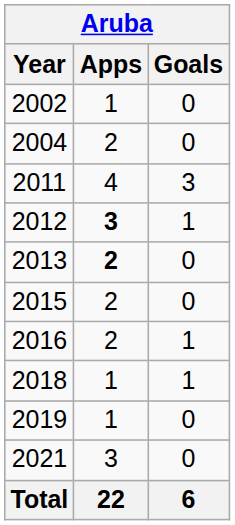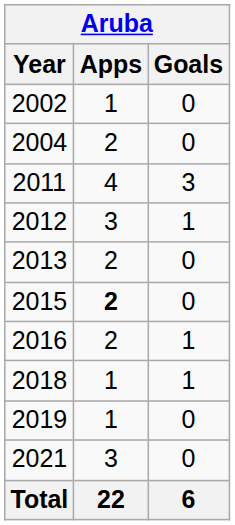 <table class="wikitable" style="text-align:center">
 <tr>
 <th colspan=3><a href='#'>Aruba</a></th>
 </tr>
 <tr>
 <th>Year</th>
 <th>Apps</th>
 <th>Goals</th>
 </tr>
 <tr>
 <td>2002</td>
 <td>1</td>
 <td>0</td>
 </tr>
 <tr>
 <td>2004</td>
 <td>2</td>
 <td>0</td>
 </tr>
 <tr>
 <td>2011</td>
 <td>4</td>
 <td>3</td>
 </tr>
 <tr>
 <td>2012</td>
-<td><strong>3</strong></td>
+<td>3</td>
 <td>1</td>
 </tr>
 <tr>
 <td>2013</td>
-<td><strong>2</strong></td>
+<td>2</td>
 <td>0</td>
 </tr>
 <tr>
 <td>2015</td>
-<td>2</td>
+<td><strong>2</strong></td>
 <td>0</td>
 </tr>
 <tr>
 <td>2016</td>
 <td>2</td>
 <td>1</td>
 </tr>
 <tr>
 <td>2018</td>
 <td>1</td>
 <td>1</td>
 </tr>
 <tr>
 <td>2019</td>
 <td>1</td>
 <td>0</td>
 </tr>
 <tr>
 <td>2021</td>
 <td>3</td>
 <td>0</td>
 </tr>
 <tr>
 <th>Total</th>
 <th>22</th>
 <th>6</th>
 </tr>
 </table>
